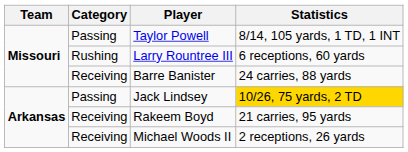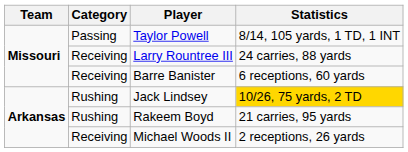 <table class="wikitable" style="float: right;">
 <tr>
 <th>Team</th>
 <th>Category</th>
 <th>Player</th>
 <th>Statistics</th>
 </tr>
 <tr>
 <td rowspan=3><strong>Missouri</strong></td>
 <td>Passing</td>
 <td><a href='#'>Taylor Powell</a></td>
 <td>8/14, 105 yards, 1 TD, 1 INT</td>
 </tr>
 <tr>
-<td>Rushing</td>
+<td>Receiving</td>
 <td><a href='#'>Larry Rountree III</a></td>
-<td>6 receptions, 60 yards</td>
+<td>24 carries, 88 yards</td>
 </tr>
 <tr>
 <td>Receiving</td>
 <td>Barre Banister</td>
-<td>24 carries, 88 yards</td>
+<td>6 receptions, 60 yards</td>
 </tr>
 <tr>
 <td rowspan=3><strong>Arkansas</strong></td>
-<td>Passing</td>
+<td>Rushing</td>
 <td>Jack Lindsey</td>
 <td style="background: gold;">10/26, 75 yards, 2 TD</td>
 </tr>
 <tr>
-<td>Receiving</td>
+<td>Rushing</td>
 <td>Rakeem Boyd</td>
 <td>21 carries, 95 yards</td>
 </tr>
 <tr>
 <td>Receiving</td>
 <td>Michael Woods II</td>
 <td>2 receptions, 26 yards</td>
 </tr>
 </table>
